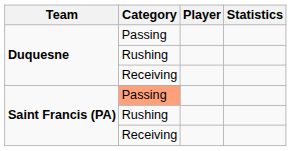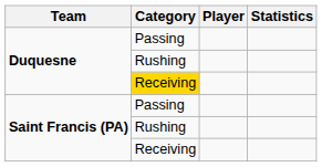 <table class="wikitable" style="float: right;">
 <tr>
 <th>Team</th>
 <th>Category</th>
 <th>Player</th>
 <th>Statistics</th>
 </tr>
 <tr>
 <td rowspan=3><strong>Duquesne</strong></td>
 <td>Passing</td>
 <td></td>
 <td></td>
 </tr>
 <tr>
 <td>Rushing</td>
 <td></td>
 <td></td>
 </tr>
 <tr>
-<td>Receiving</td>
+<td style="background: gold;">Receiving</td>
 <td></td>
 <td></td>
 </tr>
 <tr>
 <td rowspan=3><strong>Saint Francis (PA)</strong></td>
-<td style="background: lightsalmon;">Passing</td>
+<td>Passing</td>
 <td></td>
 <td></td>
 </tr>
 <tr>
 <td>Rushing</td>
 <td></td>
 <td></td>
 </tr>
 <tr>
 <td>Receiving</td>
 <td></td>
 <td></td>
 </tr>
 </table>
